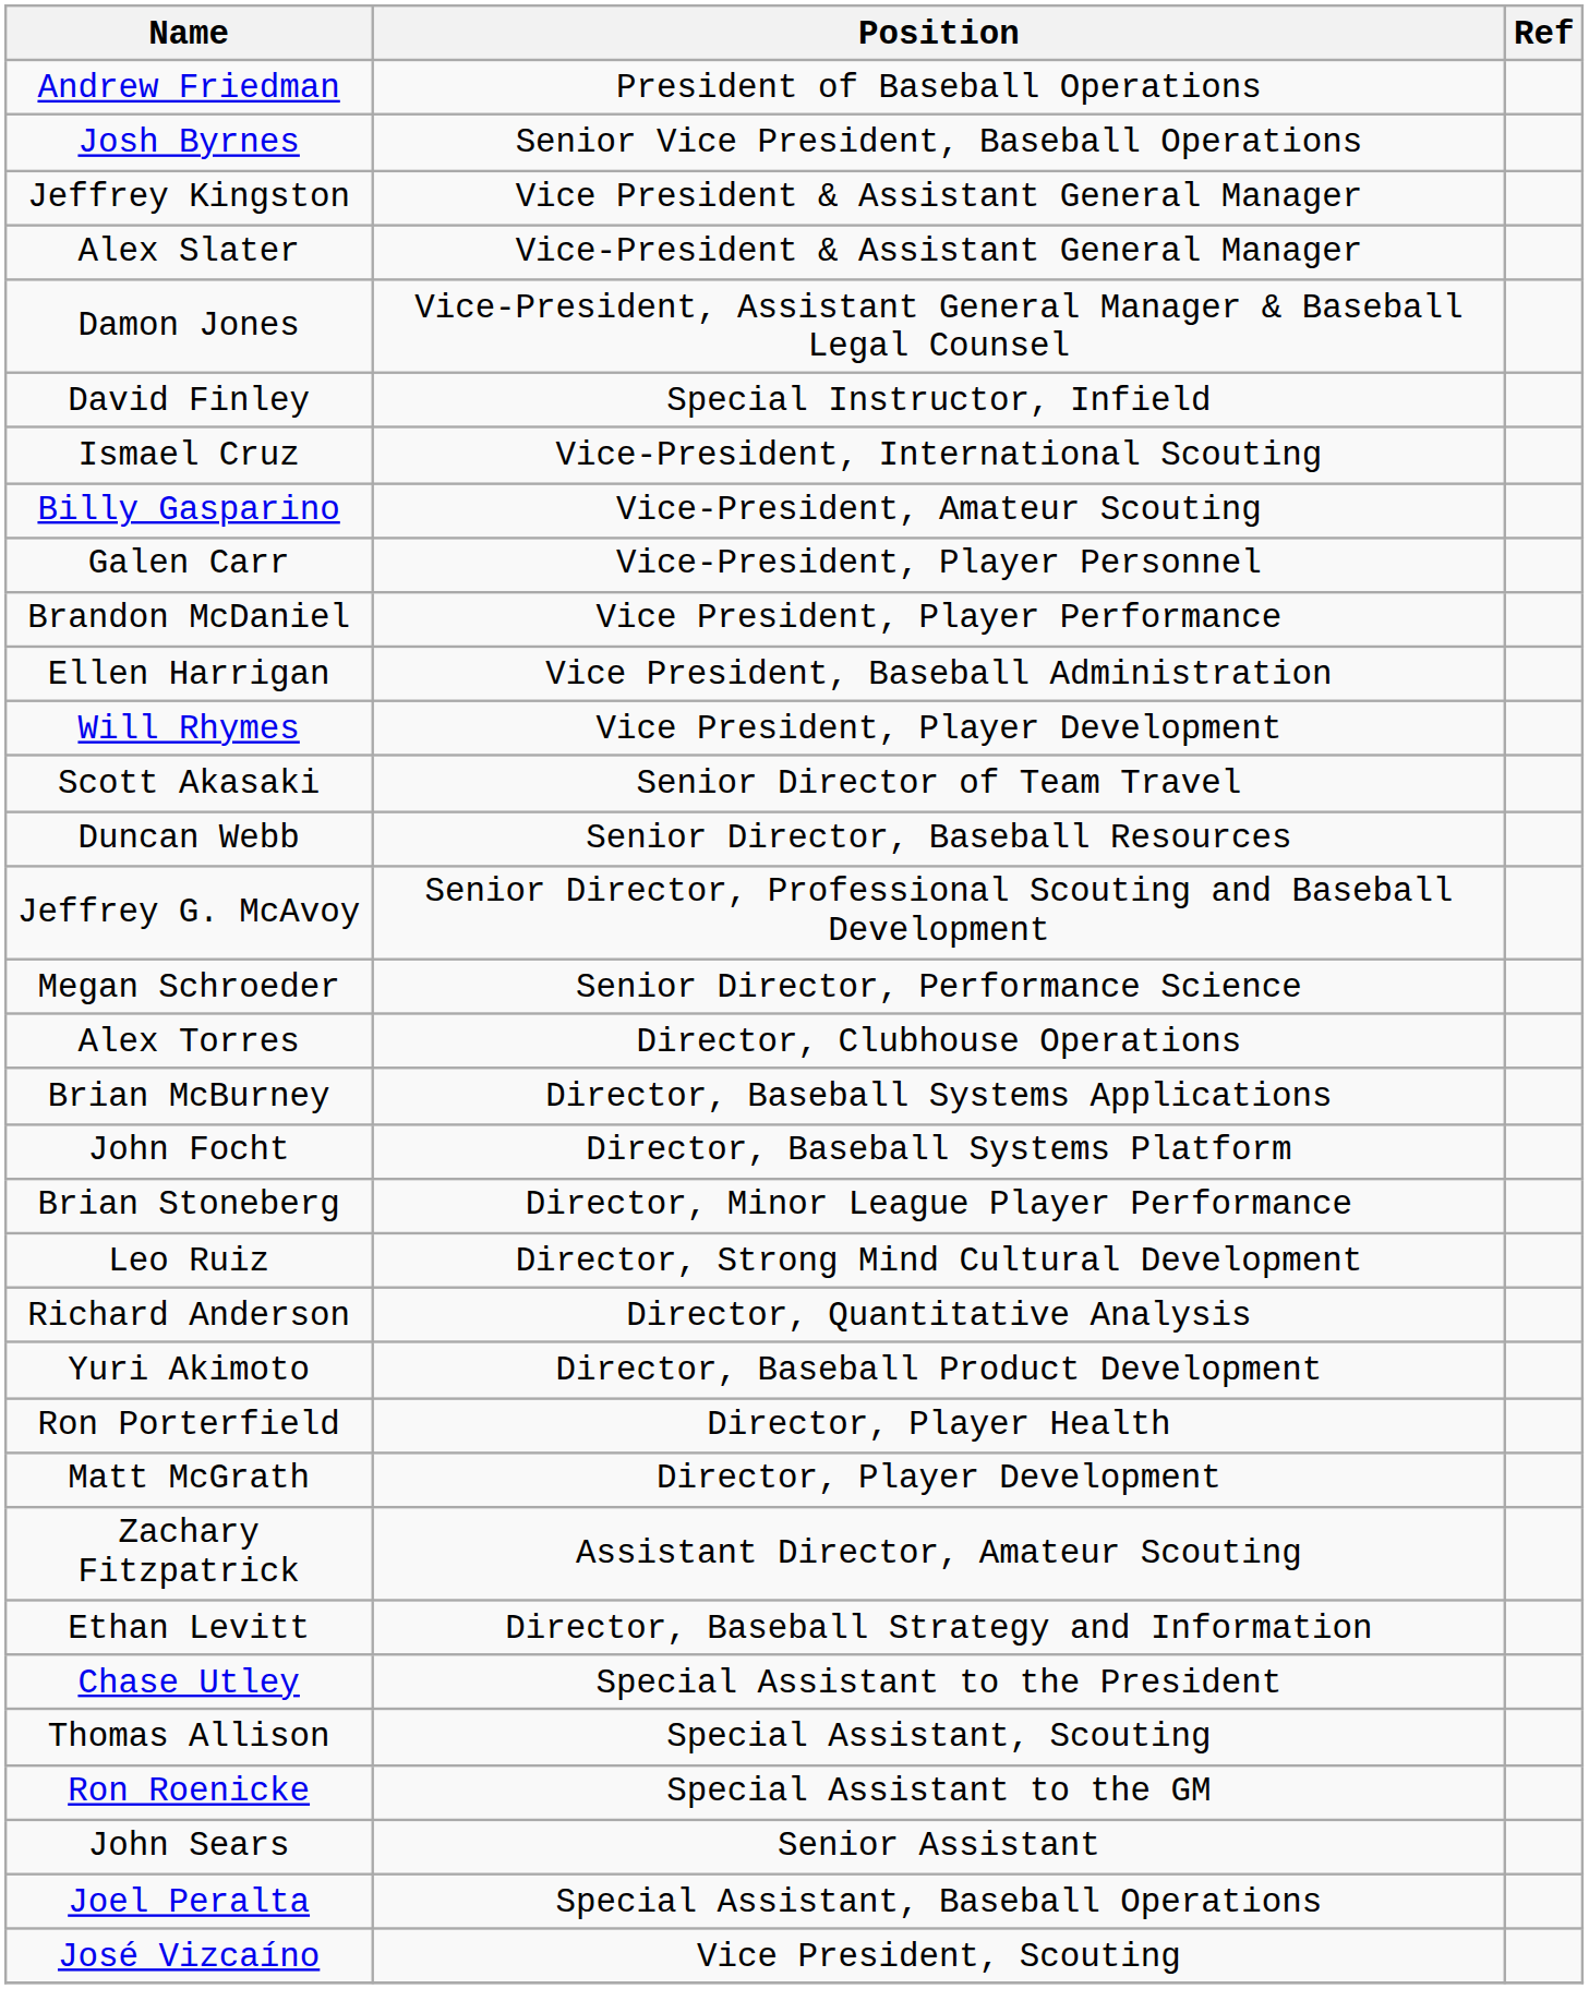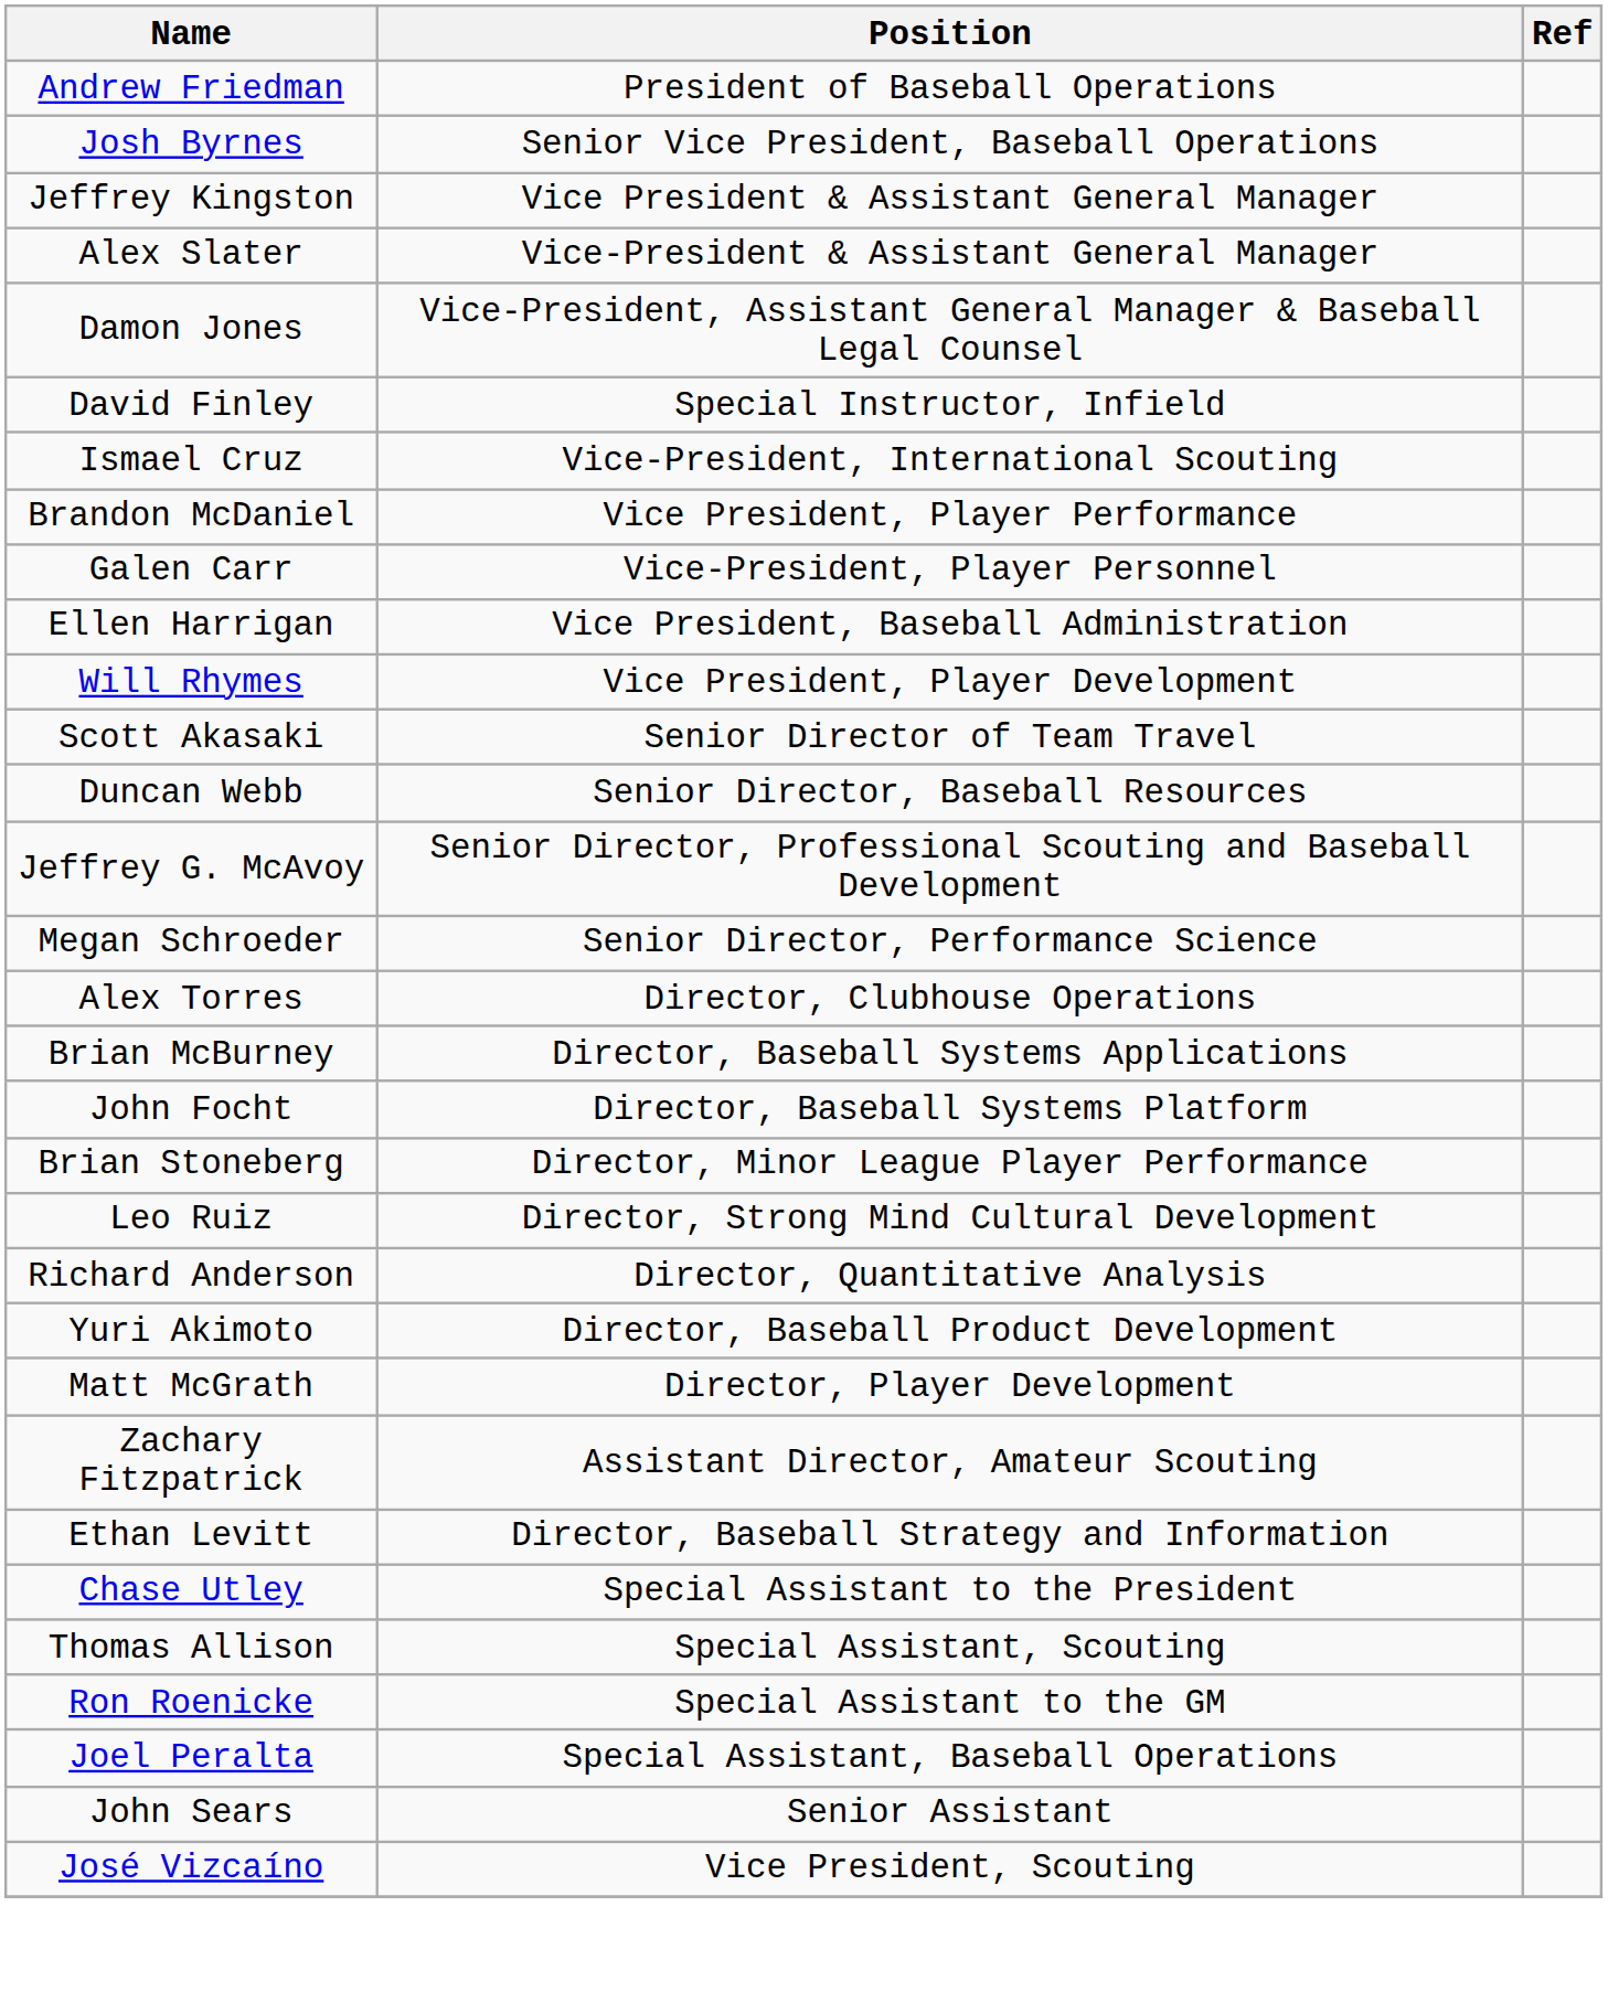 <table class="wikitable" style="text-align:center">
 <tr>
 <th>Name</th>
 <th>Position</th>
 <th>Ref</th>
 </tr>
 <tr>
 <td><a href='#'>Andrew Friedman</a></td>
 <td>President of Baseball Operations</td>
 <td></td>
 </tr>
 <tr>
 <td><a href='#'>Josh Byrnes</a></td>
 <td>Senior Vice President, Baseball Operations</td>
 <td></td>
 </tr>
 <tr>
 <td>Jeffrey Kingston</td>
 <td>Vice President & Assistant General Manager</td>
 <td></td>
 </tr>
 <tr>
 <td>Alex Slater</td>
 <td>Vice-President & Assistant General Manager</td>
 <td></td>
 </tr>
 <tr>
 <td>Damon Jones</td>
 <td>Vice-President, Assistant General Manager & Baseball Legal Counsel</td>
 <td></td>
 </tr>
 <tr>
 <td>David Finley</td>
 <td>Special Instructor, Infield</td>
 <td></td>
 </tr>
 <tr>
 <td>Ismael Cruz</td>
 <td>Vice-President, International Scouting</td>
 <td></td>
 </tr>
 <tr>
-<td><a href='#'>Billy Gasparino</a></td>
-<td>Vice-President, Amateur Scouting</td>
+<td>Brandon McDaniel</td>
+<td>Vice President, Player Performance</td>
 <td></td>
 </tr>
 <tr>
 <td>Galen Carr</td>
 <td>Vice-President, Player Personnel</td>
-<td></td>
-</tr>
-<tr>
-<td>Brandon McDaniel</td>
-<td>Vice President, Player Performance</td>
 <td></td>
 </tr>
 <tr>
 <td>Ellen Harrigan</td>
 <td>Vice President, Baseball Administration</td>
 <td></td>
 </tr>
 <tr>
 <td><a href='#'>Will Rhymes</a></td>
 <td>Vice President, Player Development</td>
 <td></td>
 </tr>
 <tr>
 <td>Scott Akasaki</td>
 <td>Senior Director of Team Travel</td>
 <td></td>
 </tr>
 <tr>
 <td>Duncan Webb</td>
 <td>Senior Director, Baseball Resources</td>
 <td></td>
 </tr>
 <tr>
 <td>Jeffrey G. McAvoy</td>
 <td>Senior Director, Professional Scouting and Baseball Development</td>
 <td></td>
 </tr>
 <tr>
 <td>Megan Schroeder</td>
 <td>Senior Director, Performance Science</td>
 <td></td>
 </tr>
 <tr>
 <td>Alex Torres</td>
 <td>Director, Clubhouse Operations</td>
 <td></td>
 </tr>
 <tr>
 <td>Brian McBurney</td>
 <td>Director, Baseball Systems Applications</td>
 <td></td>
 </tr>
 <tr>
 <td>John Focht</td>
 <td>Director, Baseball Systems Platform</td>
 <td></td>
 </tr>
 <tr>
 <td>Brian Stoneberg</td>
 <td>Director, Minor League Player Performance</td>
 <td></td>
 </tr>
 <tr>
 <td>Leo Ruiz</td>
 <td>Director, Strong Mind Cultural Development</td>
 <td></td>
 </tr>
 <tr>
 <td>Richard Anderson</td>
 <td>Director, Quantitative Analysis</td>
 <td></td>
 </tr>
 <tr>
 <td>Yuri Akimoto</td>
 <td>Director, Baseball Product Development</td>
 <td></td>
 </tr>
 <tr>
-<td>Ron Porterfield</td>
-<td>Director, Player Health</td>
-<td></td>
-</tr>
-<tr>
 <td>Matt McGrath</td>
 <td>Director, Player Development</td>
 <td></td>
 </tr>
 <tr>
 <td>Zachary Fitzpatrick</td>
 <td>Assistant Director, Amateur Scouting</td>
 <td></td>
 </tr>
 <tr>
 <td>Ethan Levitt</td>
 <td>Director, Baseball Strategy and Information</td>
 <td></td>
 </tr>
 <tr>
 <td><a href='#'>Chase Utley</a></td>
 <td>Special Assistant to the President</td>
 <td></td>
 </tr>
 <tr>
 <td>Thomas Allison</td>
 <td>Special Assistant, Scouting</td>
 <td></td>
 </tr>
 <tr>
 <td><a href='#'>Ron Roenicke</a></td>
 <td>Special Assistant to the GM</td>
 <td></td>
 </tr>
 <tr>
-<td>John Sears</td>
-<td>Senior Assistant</td>
+<td><a href='#'>Joel Peralta</a></td>
+<td>Special Assistant, Baseball Operations</td>
 <td></td>
 </tr>
 <tr>
-<td><a href='#'>Joel Peralta</a></td>
-<td>Special Assistant, Baseball Operations</td>
+<td>John Sears</td>
+<td>Senior Assistant</td>
 <td></td>
 </tr>
 <tr>
 <td><a href='#'>José Vizcaíno</a></td>
 <td>Vice President, Scouting</td>
 <td></td>
 </tr>
 <tr>
 </tr>
 </table>
